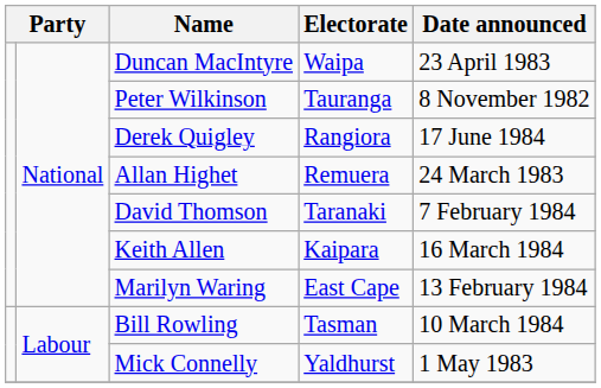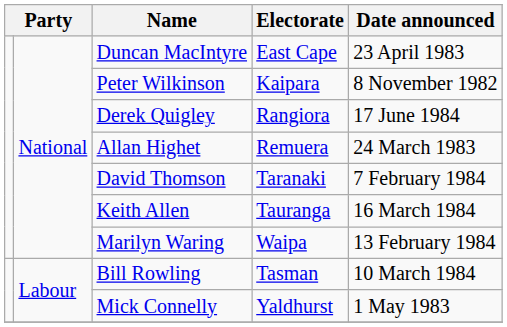 <table class="wikitable">
 <tr>
 <th colspan=2>Party</th>
 <th>Name</th>
 <th>Electorate</th>
 <th>Date announced</th>
 </tr>
 <tr>
 <td rowspan=7 style="background-color: "></td>
 <td rowspan=7><a href='#'>National</a></td>
 <td><a href='#'>Duncan MacIntyre</a></td>
-<td><a href='#'>Waipa</a></td>
+<td><a href='#'>East Cape</a></td>
 <td>23 April 1983</td>
 </tr>
 <tr>
 <td><a href='#'>Peter Wilkinson</a></td>
-<td><a href='#'>Tauranga</a></td>
+<td><a href='#'>Kaipara</a></td>
 <td>8 November 1982</td>
 </tr>
 <tr>
 <td><a href='#'>Derek Quigley</a></td>
 <td><a href='#'>Rangiora</a></td>
 <td>17 June 1984</td>
 </tr>
 <tr>
 <td><a href='#'>Allan Highet</a></td>
 <td><a href='#'>Remuera</a></td>
 <td>24 March 1983</td>
 </tr>
 <tr>
 <td><a href='#'>David Thomson</a></td>
 <td><a href='#'>Taranaki</a></td>
 <td>7 February 1984</td>
 </tr>
 <tr>
 <td><a href='#'>Keith Allen</a></td>
-<td><a href='#'>Kaipara</a></td>
+<td><a href='#'>Tauranga</a></td>
 <td>16 March 1984</td>
 </tr>
 <tr>
 <td><a href='#'>Marilyn Waring</a></td>
-<td><a href='#'>East Cape</a></td>
+<td><a href='#'>Waipa</a></td>
 <td>13 February 1984</td>
 </tr>
 <tr>
 <td rowspan=2 style="background-color: "></td>
 <td rowspan=2><a href='#'>Labour</a></td>
 <td><a href='#'>Bill Rowling</a></td>
 <td><a href='#'>Tasman</a></td>
 <td>10 March 1984</td>
 </tr>
 <tr>
 <td><a href='#'>Mick Connelly</a></td>
 <td><a href='#'>Yaldhurst</a></td>
 <td>1 May 1983</td>
 </tr>
 <tr>
 </tr>
 </table>
